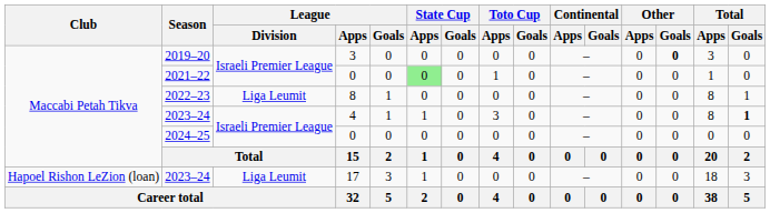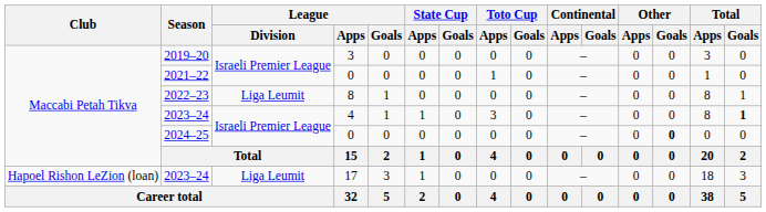 <table class="wikitable" style="text-align: center">
 <tr>
 <th rowspan="2">Club</th>
 <th rowspan="2">Season</th>
 <th colspan="3">League</th>
 <th colspan="2"><a href='#'>State Cup</a></th>
 <th colspan="2"><a href='#'>Toto Cup</a></th>
 <th colspan="2">Continental</th>
 <th colspan="2">Other</th>
 <th colspan="2">Total</th>
 </tr>
 <tr>
 <th>Division</th>
 <th>Apps</th>
 <th>Goals</th>
 <th>Apps</th>
 <th>Goals</th>
 <th>Apps</th>
 <th>Goals</th>
 <th>Apps</th>
 <th>Goals</th>
 <th>Apps</th>
 <th>Goals</th>
 <th>Apps</th>
 <th>Goals</th>
 </tr>
 <tr>
 <td rowspan="6"><a href='#'>Maccabi Petah Tikva</a></td>
 <td><a href='#'>2019–20</a></td>
 <td rowspan="2"><a href='#'>Israeli Premier League</a></td>
 <td>3</td>
 <td>0</td>
 <td>0</td>
 <td>0</td>
 <td>0</td>
 <td>0</td>
 <td colspan="2">–</td>
 <td>0</td>
-<td><strong>0</strong></td>
+<td>0</td>
 <td>3</td>
 <td>0</td>
 </tr>
 <tr>
 <td><a href='#'>2021–22</a></td>
 <td>0</td>
 <td>0</td>
-<td style="background: lightgreen;">0</td>
+<td>0</td>
 <td>0</td>
 <td>1</td>
 <td>0</td>
 <td colspan="2">–</td>
 <td>0</td>
 <td>0</td>
 <td>1</td>
 <td>0</td>
 </tr>
 <tr>
 <td><a href='#'>2022–23</a></td>
 <td rowspan="1"><a href='#'>Liga Leumit</a></td>
 <td>8</td>
 <td>1</td>
 <td>0</td>
 <td>0</td>
 <td>0</td>
 <td>0</td>
 <td colspan="2">–</td>
 <td>0</td>
 <td>0</td>
 <td>8</td>
 <td>1</td>
 </tr>
 <tr>
 <td><a href='#'>2023–24</a></td>
 <td rowspan="2"><a href='#'>Israeli Premier League</a></td>
 <td>4</td>
 <td>1</td>
 <td>1</td>
 <td>0</td>
 <td>3</td>
 <td>0</td>
 <td colspan="2">–</td>
 <td>0</td>
 <td>0</td>
 <td>8</td>
 <td><strong>1</strong></td>
 </tr>
 <tr>
 <td><a href='#'>2024–25</a></td>
 <td>0</td>
 <td>0</td>
 <td>0</td>
 <td>0</td>
 <td>0</td>
 <td>0</td>
 <td colspan="2">–</td>
 <td>0</td>
-<td>0</td>
+<td><strong>0</strong></td>
 <td>0</td>
 <td>0</td>
 </tr>
 <tr>
 <th colspan="2"><strong>Total</strong></th>
 <th>15</th>
 <th>2</th>
 <th>1</th>
 <th>0</th>
 <th>4</th>
 <th>0</th>
 <th>0</th>
 <th>0</th>
 <th>0</th>
 <th>0</th>
 <th>20</th>
 <th>2</th>
 </tr>
 <tr>
 <td rowspan="1"><a href='#'>Hapoel Rishon LeZion</a> (loan)</td>
 <td><a href='#'>2023–24</a></td>
 <td rowspan="1"><a href='#'>Liga Leumit</a></td>
 <td>17</td>
 <td>3</td>
 <td>1</td>
 <td>0</td>
 <td>0</td>
 <td>0</td>
 <td colspan="2">–</td>
 <td>0</td>
 <td>0</td>
 <td>18</td>
 <td>3</td>
 </tr>
 <tr>
 <th colspan="3"><strong>Career total</strong></th>
 <th>32</th>
 <th>5</th>
 <th>2</th>
 <th>0</th>
 <th>4</th>
 <th>0</th>
 <th>0</th>
 <th>0</th>
 <th>0</th>
 <th>0</th>
 <th>38</th>
 <th>5</th>
 </tr>
 </table>
